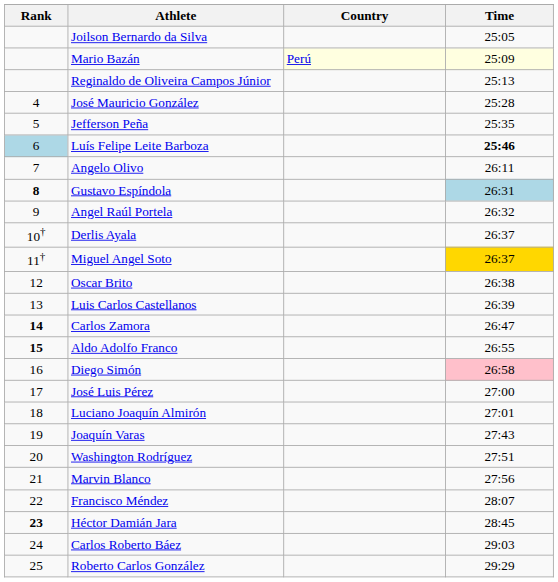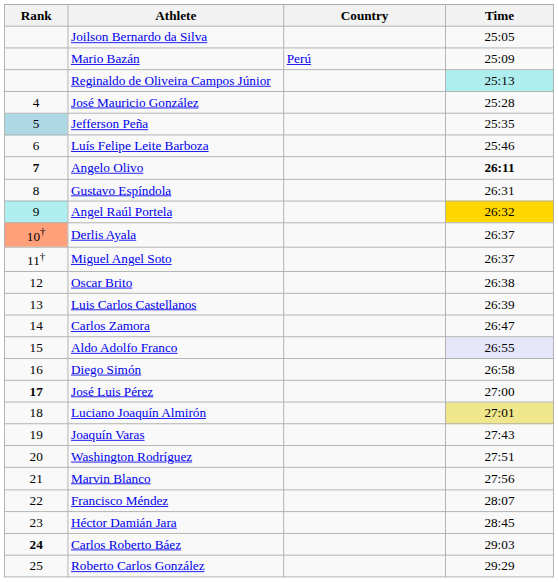 <table class="wikitable sortable" style=" text-align:center; font-size:95%;" width="50%">
 <tr>
 </tr>
 <tr>
 <th width=5%>Rank</th>
 <th width=20%>Athlete</th>
 <th width=15%>Country</th>
 <th width=10%>Time</th>
 </tr>
 <tr>
 <td align=center></td>
 <td align=left><a href='#'>Joilson Bernardo da Silva</a></td>
 <td align=left></td>
 <td>25:05</td>
 </tr>
 <tr>
 <td align=center></td>
 <td align=left><a href='#'>Mario Bazán</a></td>
-<td align=left style="background: lightyellow;"> <a href='#'>Perú</a></td>
-<td style="background: lightyellow;">25:09</td>
+<td align=left> <a href='#'>Perú</a></td>
+<td>25:09</td>
 </tr>
 <tr>
 <td align=center></td>
 <td align=left><a href='#'>Reginaldo de Oliveira Campos Júnior</a></td>
 <td align=left></td>
-<td>25:13</td>
+<td style="background: paleturquoise;">25:13</td>
 </tr>
 <tr>
 <td align=center>4</td>
 <td align=left><a href='#'>José Mauricio González</a></td>
 <td align=left></td>
 <td>25:28</td>
 </tr>
 <tr>
-<td align=center>5</td>
+<td align=center style="background: lightblue;">5</td>
 <td align=left><a href='#'>Jefferson Peña</a></td>
 <td align=left></td>
 <td>25:35</td>
 </tr>
 <tr>
-<td align=center style="background: lightblue;">6</td>
+<td align=center>6</td>
 <td align=left><a href='#'>Luís Felipe Leite Barboza</a></td>
 <td align=left></td>
-<td><strong>25:46</strong></td>
+<td>25:46</td>
 </tr>
 <tr>
-<td align=center>7</td>
+<td align=center><strong>7</strong></td>
 <td align=left><a href='#'>Angelo Olivo</a></td>
 <td align=left></td>
-<td>26:11</td>
+<td><strong>26:11</strong></td>
 </tr>
 <tr>
-<td align=center><strong>8</strong></td>
+<td align=center>8</td>
 <td align=left><a href='#'>Gustavo Espíndola</a></td>
 <td align=left></td>
-<td style="background: lightblue;">26:31</td>
+<td>26:31</td>
 </tr>
 <tr>
-<td align=center>9</td>
+<td align=center style="background: paleturquoise;">9</td>
 <td align=left><a href='#'>Angel Raúl Portela</a></td>
 <td align=left></td>
-<td>26:32</td>
+<td style="background: gold;">26:32</td>
 </tr>
 <tr>
-<td align=center>10<sup>†</sup></td>
+<td align=center style="background: lightsalmon;">10<sup>†</sup></td>
 <td align=left><a href='#'>Derlis Ayala</a></td>
 <td align=left></td>
 <td>26:37</td>
 </tr>
 <tr>
 <td align=center>11<sup>†</sup></td>
 <td align=left><a href='#'>Miguel Angel Soto</a></td>
 <td align=left></td>
-<td style="background: gold;">26:37</td>
+<td>26:37</td>
 </tr>
 <tr>
 <td align=center>12</td>
 <td align=left><a href='#'>Oscar Brito</a></td>
 <td align=left></td>
 <td>26:38</td>
 </tr>
 <tr>
 <td align=center>13</td>
 <td align=left><a href='#'>Luis Carlos Castellanos</a></td>
 <td align=left></td>
 <td>26:39</td>
 </tr>
 <tr>
-<td align=center><strong>14</strong></td>
+<td align=center>14</td>
 <td align=left><a href='#'>Carlos Zamora</a></td>
 <td align=left></td>
 <td>26:47</td>
 </tr>
 <tr>
-<td align=center><strong>15</strong></td>
+<td align=center>15</td>
 <td align=left><a href='#'>Aldo Adolfo Franco</a></td>
 <td align=left></td>
-<td>26:55</td>
+<td style="background: lavender;">26:55</td>
 </tr>
 <tr>
 <td align=center>16</td>
 <td align=left><a href='#'>Diego Simón</a></td>
 <td align=left></td>
-<td style="background: pink;">26:58</td>
+<td>26:58</td>
 </tr>
 <tr>
-<td align=center>17</td>
+<td align=center><strong>17</strong></td>
 <td align=left><a href='#'>José Luis Pérez</a></td>
 <td align=left></td>
 <td>27:00</td>
 </tr>
 <tr>
 <td align=center>18</td>
 <td align=left><a href='#'>Luciano Joaquín Almirón</a></td>
 <td align=left></td>
-<td>27:01</td>
+<td style="background: khaki;">27:01</td>
 </tr>
 <tr>
 <td align=center>19</td>
 <td align=left><a href='#'>Joaquín Varas</a></td>
 <td align=left></td>
 <td>27:43</td>
 </tr>
 <tr>
 <td align=center>20</td>
 <td align=left><a href='#'>Washington Rodríguez</a></td>
 <td align=left></td>
 <td>27:51</td>
 </tr>
 <tr>
 <td align=center>21</td>
 <td align=left><a href='#'>Marvin Blanco</a></td>
 <td align=left></td>
 <td>27:56</td>
 </tr>
 <tr>
 <td align=center>22</td>
 <td align=left><a href='#'>Francisco Méndez</a></td>
 <td align=left></td>
 <td>28:07</td>
 </tr>
 <tr>
-<td align=center><strong>23</strong></td>
+<td align=center>23</td>
 <td align=left><a href='#'>Héctor Damián Jara</a></td>
 <td align=left></td>
 <td>28:45</td>
 </tr>
 <tr>
-<td align=center>24</td>
+<td align=center><strong>24</strong></td>
 <td align=left><a href='#'>Carlos Roberto Báez</a></td>
 <td align=left></td>
 <td>29:03</td>
 </tr>
 <tr>
 <td align=center>25</td>
 <td align=left><a href='#'>Roberto Carlos González</a></td>
 <td align=left></td>
 <td>29:29</td>
 </tr>
 </table>
